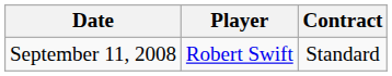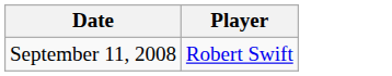 <table class="wikitable sortable sortable" style="text-align: center">
 <tr>
 <th>Date</th>
 <th>Player</th>
-<th>Contract</th>
 </tr>
 <tr style="text-align: center">
 <td>September 11, 2008</td>
 <td><a href='#'>Robert Swift</a></td>
-<td>Standard</td>
 </tr>
 </table>
